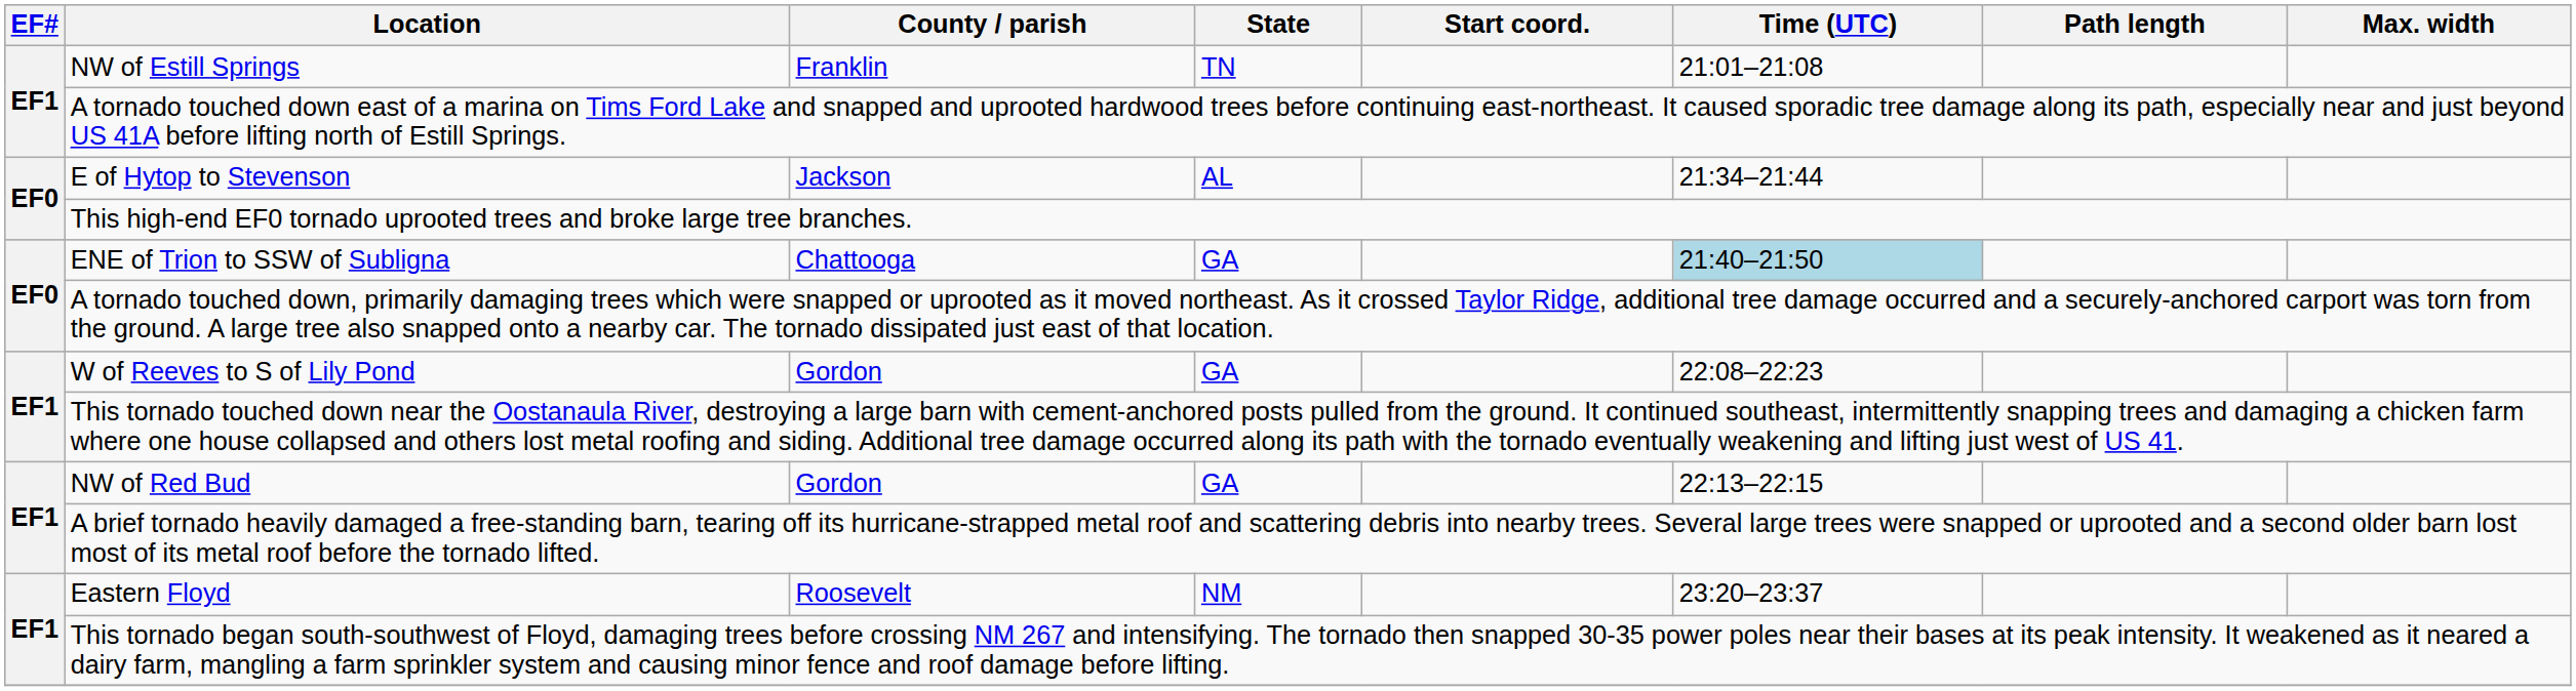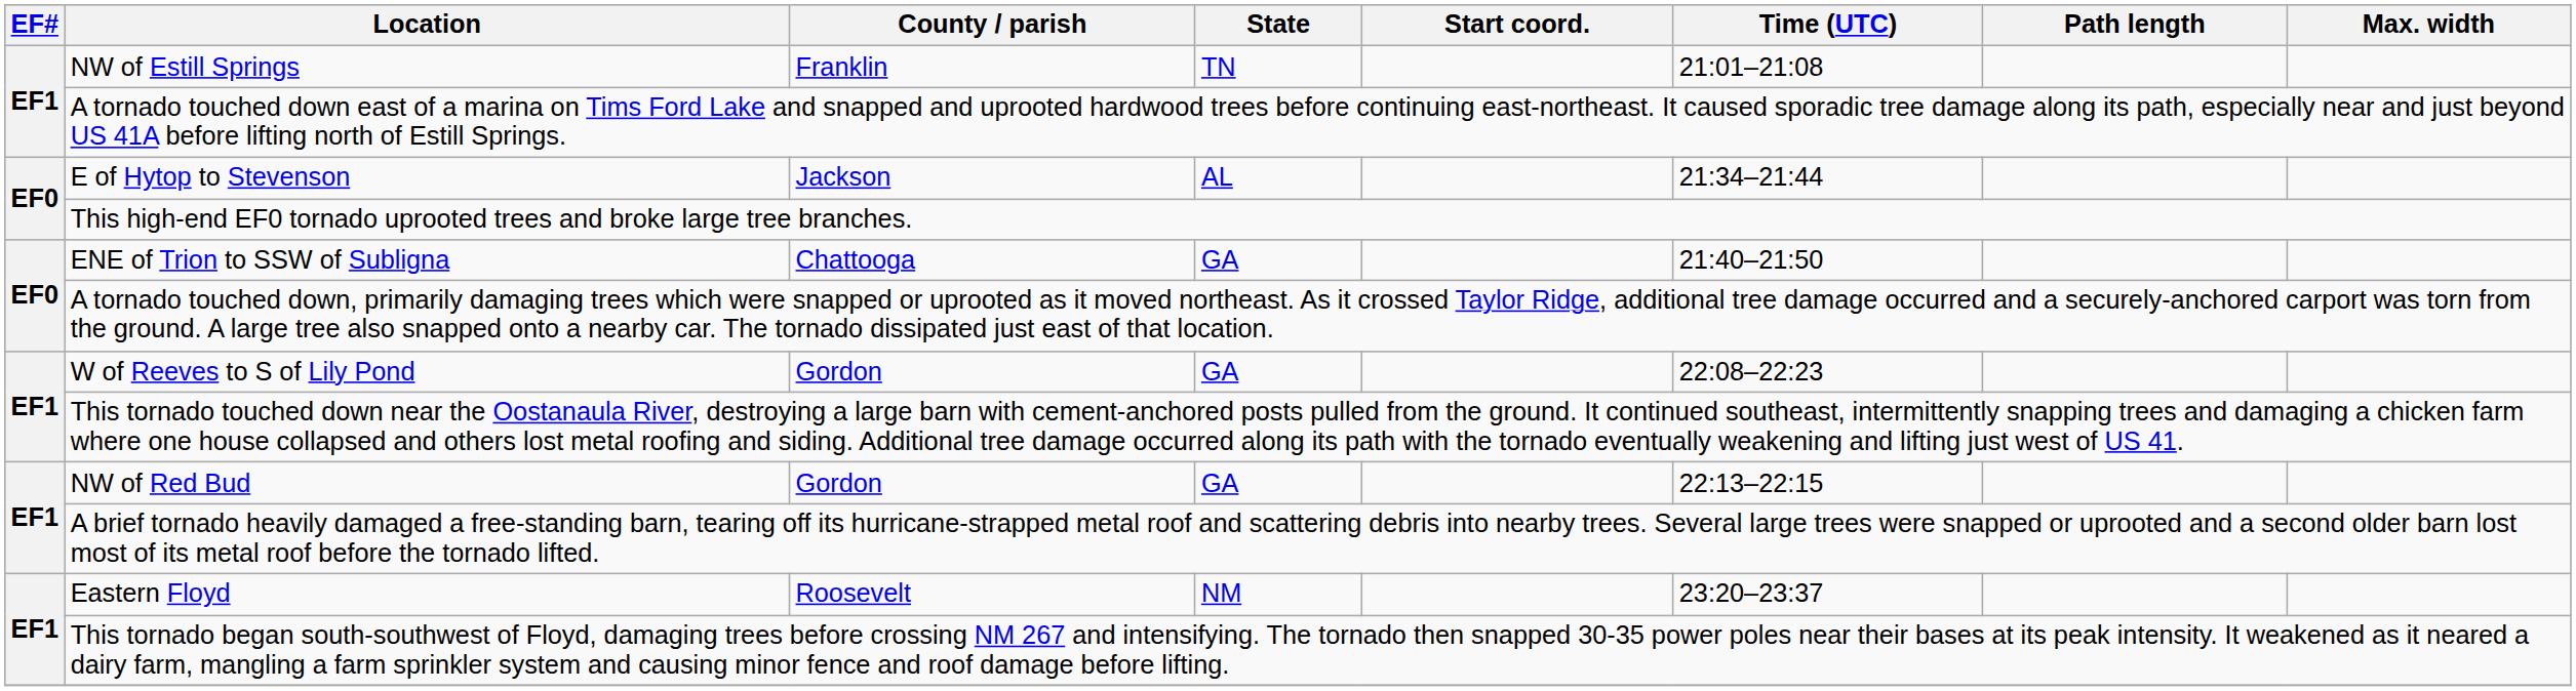 <table class="wikitable sortable" style="width:100%;">
 <tr>
 <th scope="col" width="2%" align="center"><a href='#'>EF#</a></th>
 <th scope="col" align="center" class="unsortable">Location</th>
 <th scope="col" align="center" class="unsortable">County / parish</th>
 <th scope="col" align="center">State</th>
 <th scope="col" align="center">Start coord.</th>
 <th scope="col" align="center">Time (<a href='#'>UTC</a>)</th>
 <th scope="col" align="center">Path length</th>
 <th scope="col" align="center">Max. width</th>
 </tr>
 <tr>
 <th scope="row" rowspan="2" style="background-color:#">EF1</th>
 <td>NW of <a href='#'>Estill Springs</a></td>
 <td><a href='#'>Franklin</a></td>
 <td><a href='#'>TN</a></td>
 <td></td>
 <td>21:01–21:08</td>
 <td></td>
 <td></td>
 </tr>
 <tr class="expand-child">
 <td colspan="8" border-bottom: 1px solid black;>A tornado touched down east of a marina on <a href='#'>Tims Ford Lake</a> and snapped and uprooted hardwood trees before continuing east-northeast. It caused sporadic tree damage along its path, especially near and just beyond <a href='#'>US 41A</a> before lifting north of Estill Springs.</td>
 </tr>
 <tr>
 <th scope="row" rowspan="2" style="background-color:#">EF0</th>
 <td>E of <a href='#'>Hytop</a> to <a href='#'>Stevenson</a></td>
 <td><a href='#'>Jackson</a></td>
 <td><a href='#'>AL</a></td>
 <td></td>
 <td>21:34–21:44</td>
 <td></td>
 <td></td>
 </tr>
 <tr class="expand-child">
 <td colspan="8" border-bottom: 1px solid black;>This high-end EF0 tornado uprooted trees and broke large tree branches.</td>
 </tr>
 <tr>
 <th scope="row" rowspan="2" style="background-color:#">EF0</th>
 <td>ENE of <a href='#'>Trion</a> to SSW of <a href='#'>Subligna</a></td>
 <td><a href='#'>Chattooga</a></td>
 <td><a href='#'>GA</a></td>
 <td></td>
-<td style="background: lightblue;">21:40–21:50</td>
+<td>21:40–21:50</td>
 <td></td>
 <td></td>
 </tr>
 <tr class="expand-child">
 <td colspan="8" border-bottom: 1px solid black;>A tornado touched down, primarily damaging trees which were snapped or uprooted as it moved northeast. As it crossed <a href='#'>Taylor Ridge</a>, additional tree damage occurred and a securely-anchored carport was torn from the ground. A large tree also snapped onto a nearby car. The tornado dissipated just east of that location.</td>
 </tr>
 <tr>
 <th scope="row" rowspan="2" style="background-color:#">EF1</th>
 <td>W of <a href='#'>Reeves</a> to S of <a href='#'>Lily Pond</a></td>
 <td><a href='#'>Gordon</a></td>
 <td><a href='#'>GA</a></td>
 <td></td>
 <td>22:08–22:23</td>
 <td></td>
 <td></td>
 </tr>
 <tr class="expand-child">
 <td colspan="8" border-bottom: 1px solid black;>This tornado touched down near the <a href='#'>Oostanaula River</a>, destroying a large barn with cement-anchored posts pulled from the ground. It continued southeast, intermittently snapping trees and damaging a chicken farm where one house collapsed and others lost metal roofing and siding. Additional tree damage occurred along its path with the tornado eventually weakening and lifting just west of <a href='#'>US 41</a>.</td>
 </tr>
 <tr>
 <th scope="row" rowspan="2" style="background-color:#">EF1</th>
 <td>NW of <a href='#'>Red Bud</a></td>
 <td><a href='#'>Gordon</a></td>
 <td><a href='#'>GA</a></td>
 <td></td>
 <td>22:13–22:15</td>
 <td></td>
 <td></td>
 </tr>
 <tr class="expand-child">
 <td colspan="8" border-bottom: 1px solid black;>A brief tornado heavily damaged a free-standing barn, tearing off its hurricane-strapped metal roof and scattering debris into nearby trees. Several large trees were snapped or uprooted and a second older barn lost most of its metal roof before the tornado lifted.</td>
 </tr>
 <tr>
 <th scope="row" rowspan="2" style="background-color:#">EF1</th>
 <td>Eastern <a href='#'>Floyd</a></td>
 <td><a href='#'>Roosevelt</a></td>
 <td><a href='#'>NM</a></td>
 <td></td>
 <td>23:20–23:37</td>
 <td></td>
 <td></td>
 </tr>
 <tr class="expand-child">
 <td colspan="8" border-bottom: 1px solid black;>This tornado began south-southwest of Floyd, damaging trees before crossing <a href='#'>NM 267</a> and intensifying. The tornado then snapped 30-35 power poles near their bases at its peak intensity. It weakened as it neared a dairy farm, mangling a farm sprinkler system and causing minor fence and roof damage before lifting.</td>
 </tr>
 <tr>
 </tr>
 </table>
